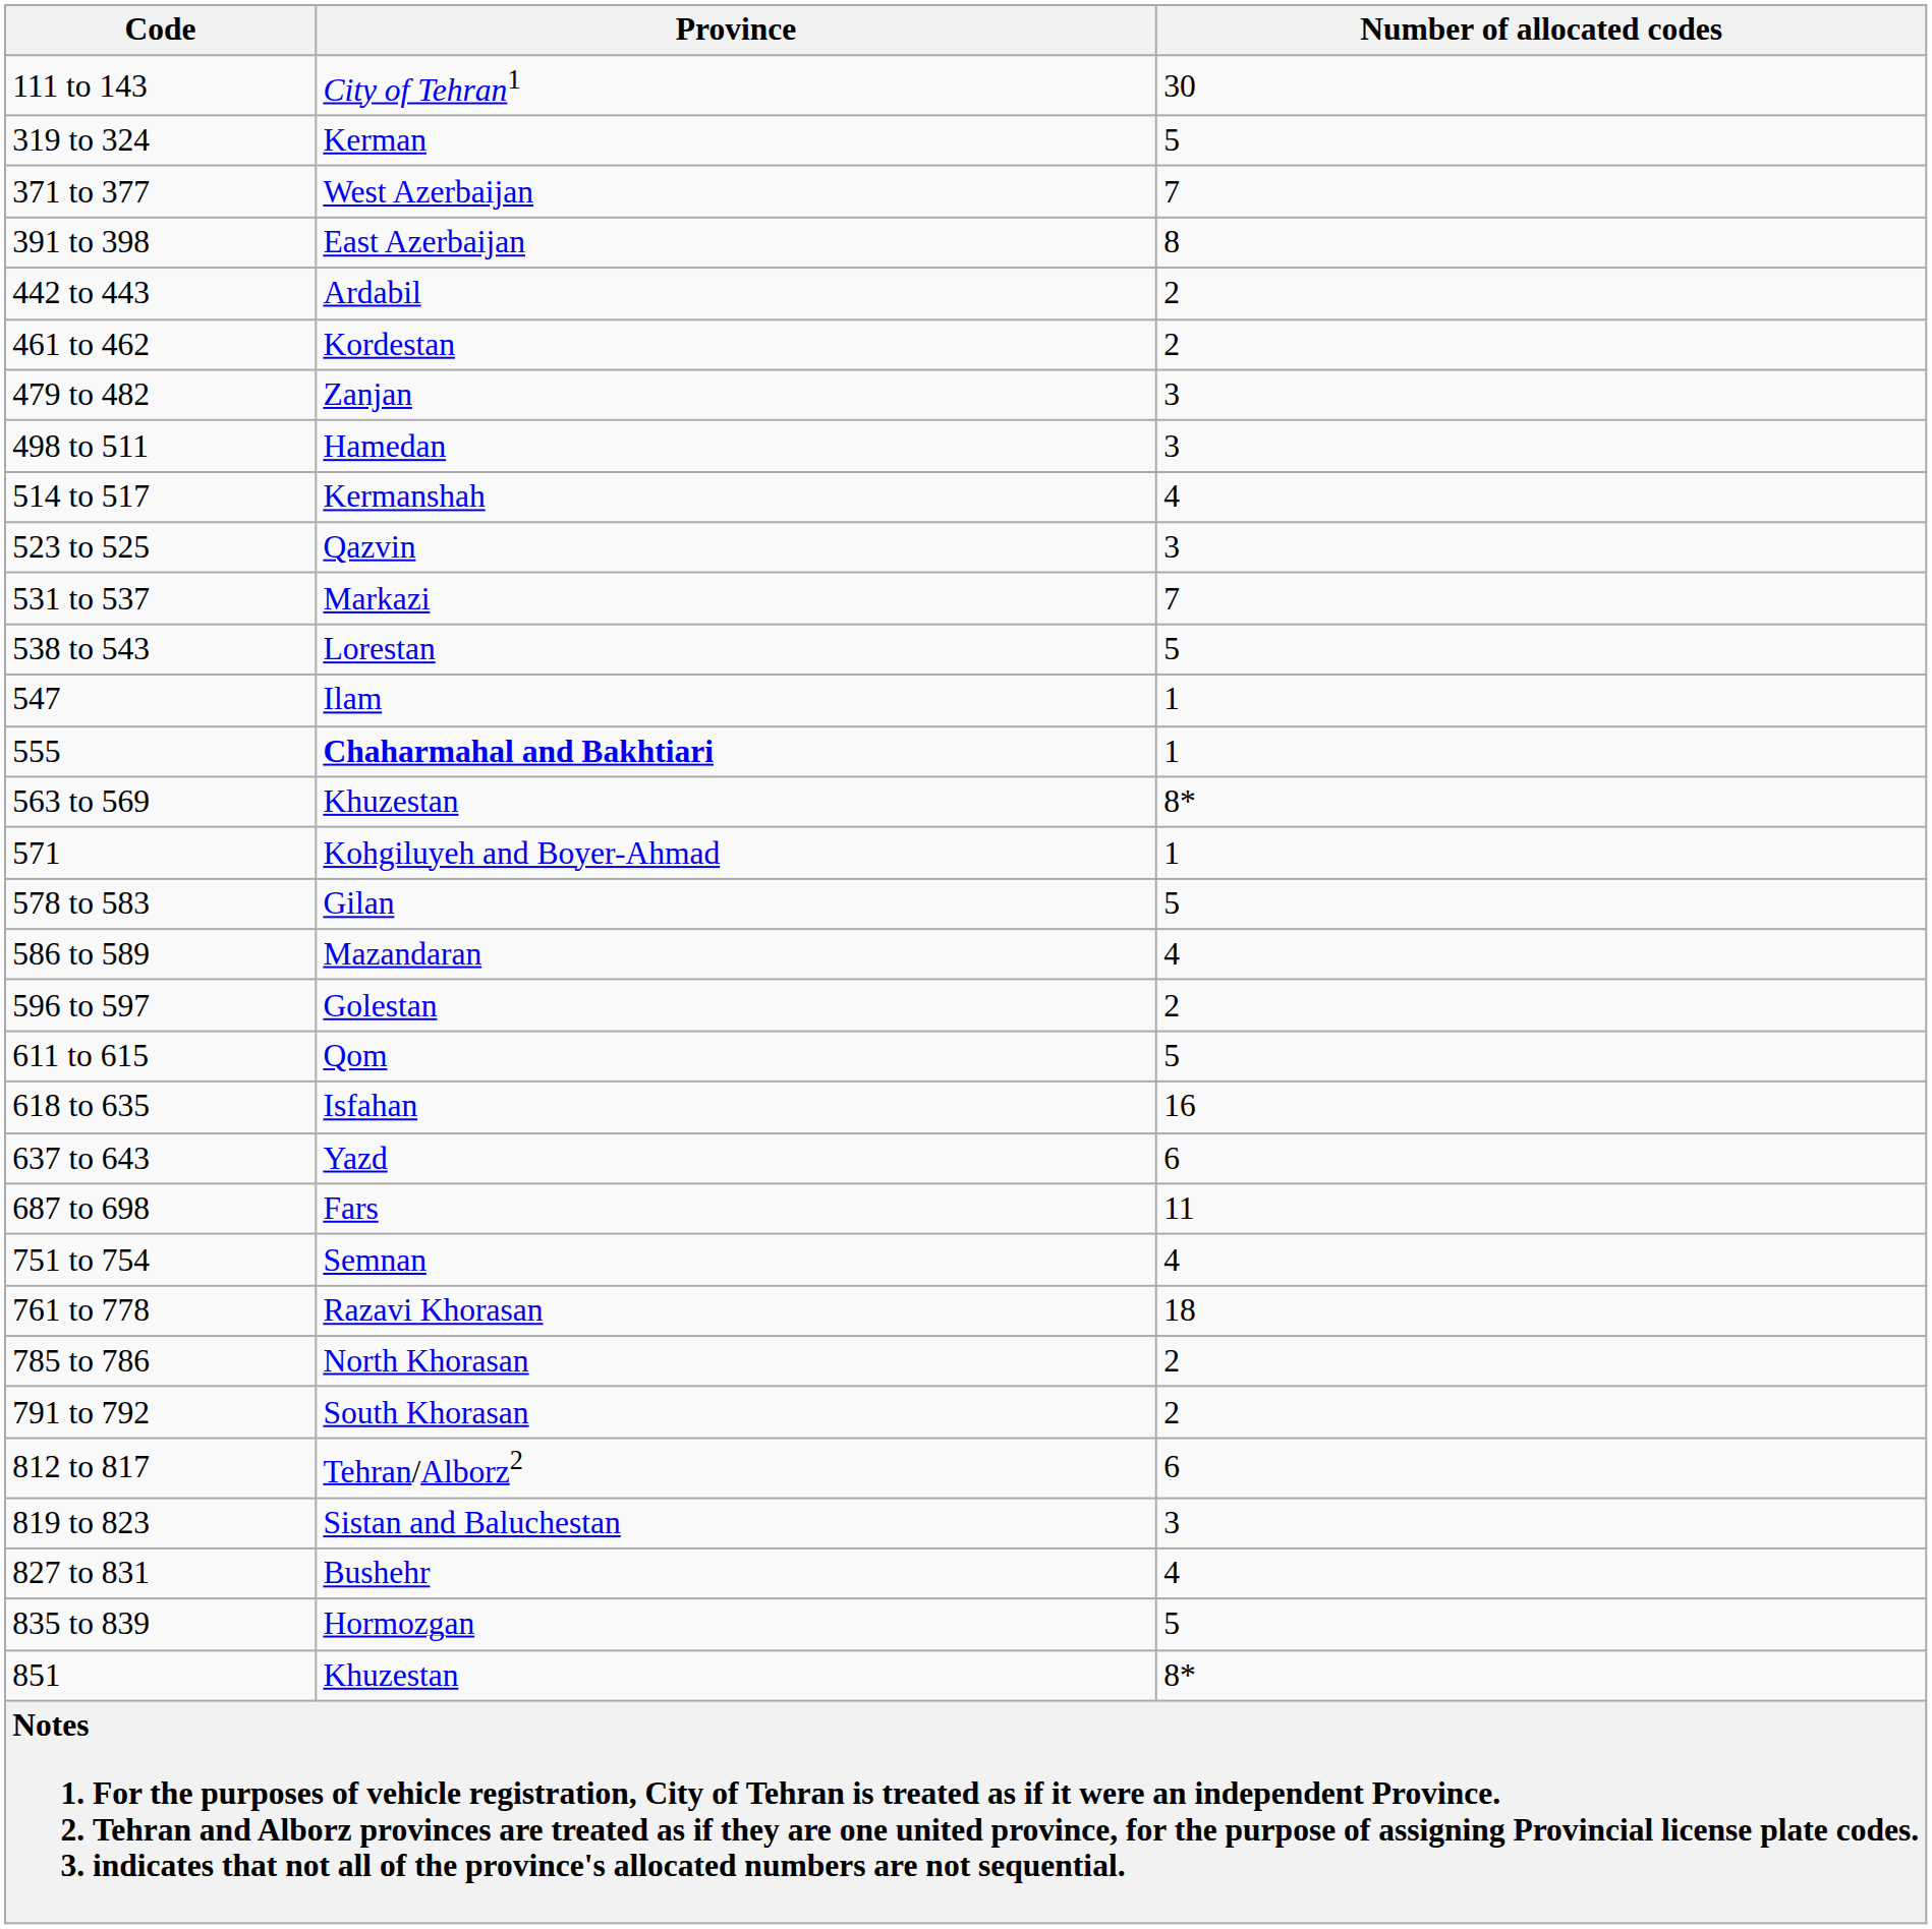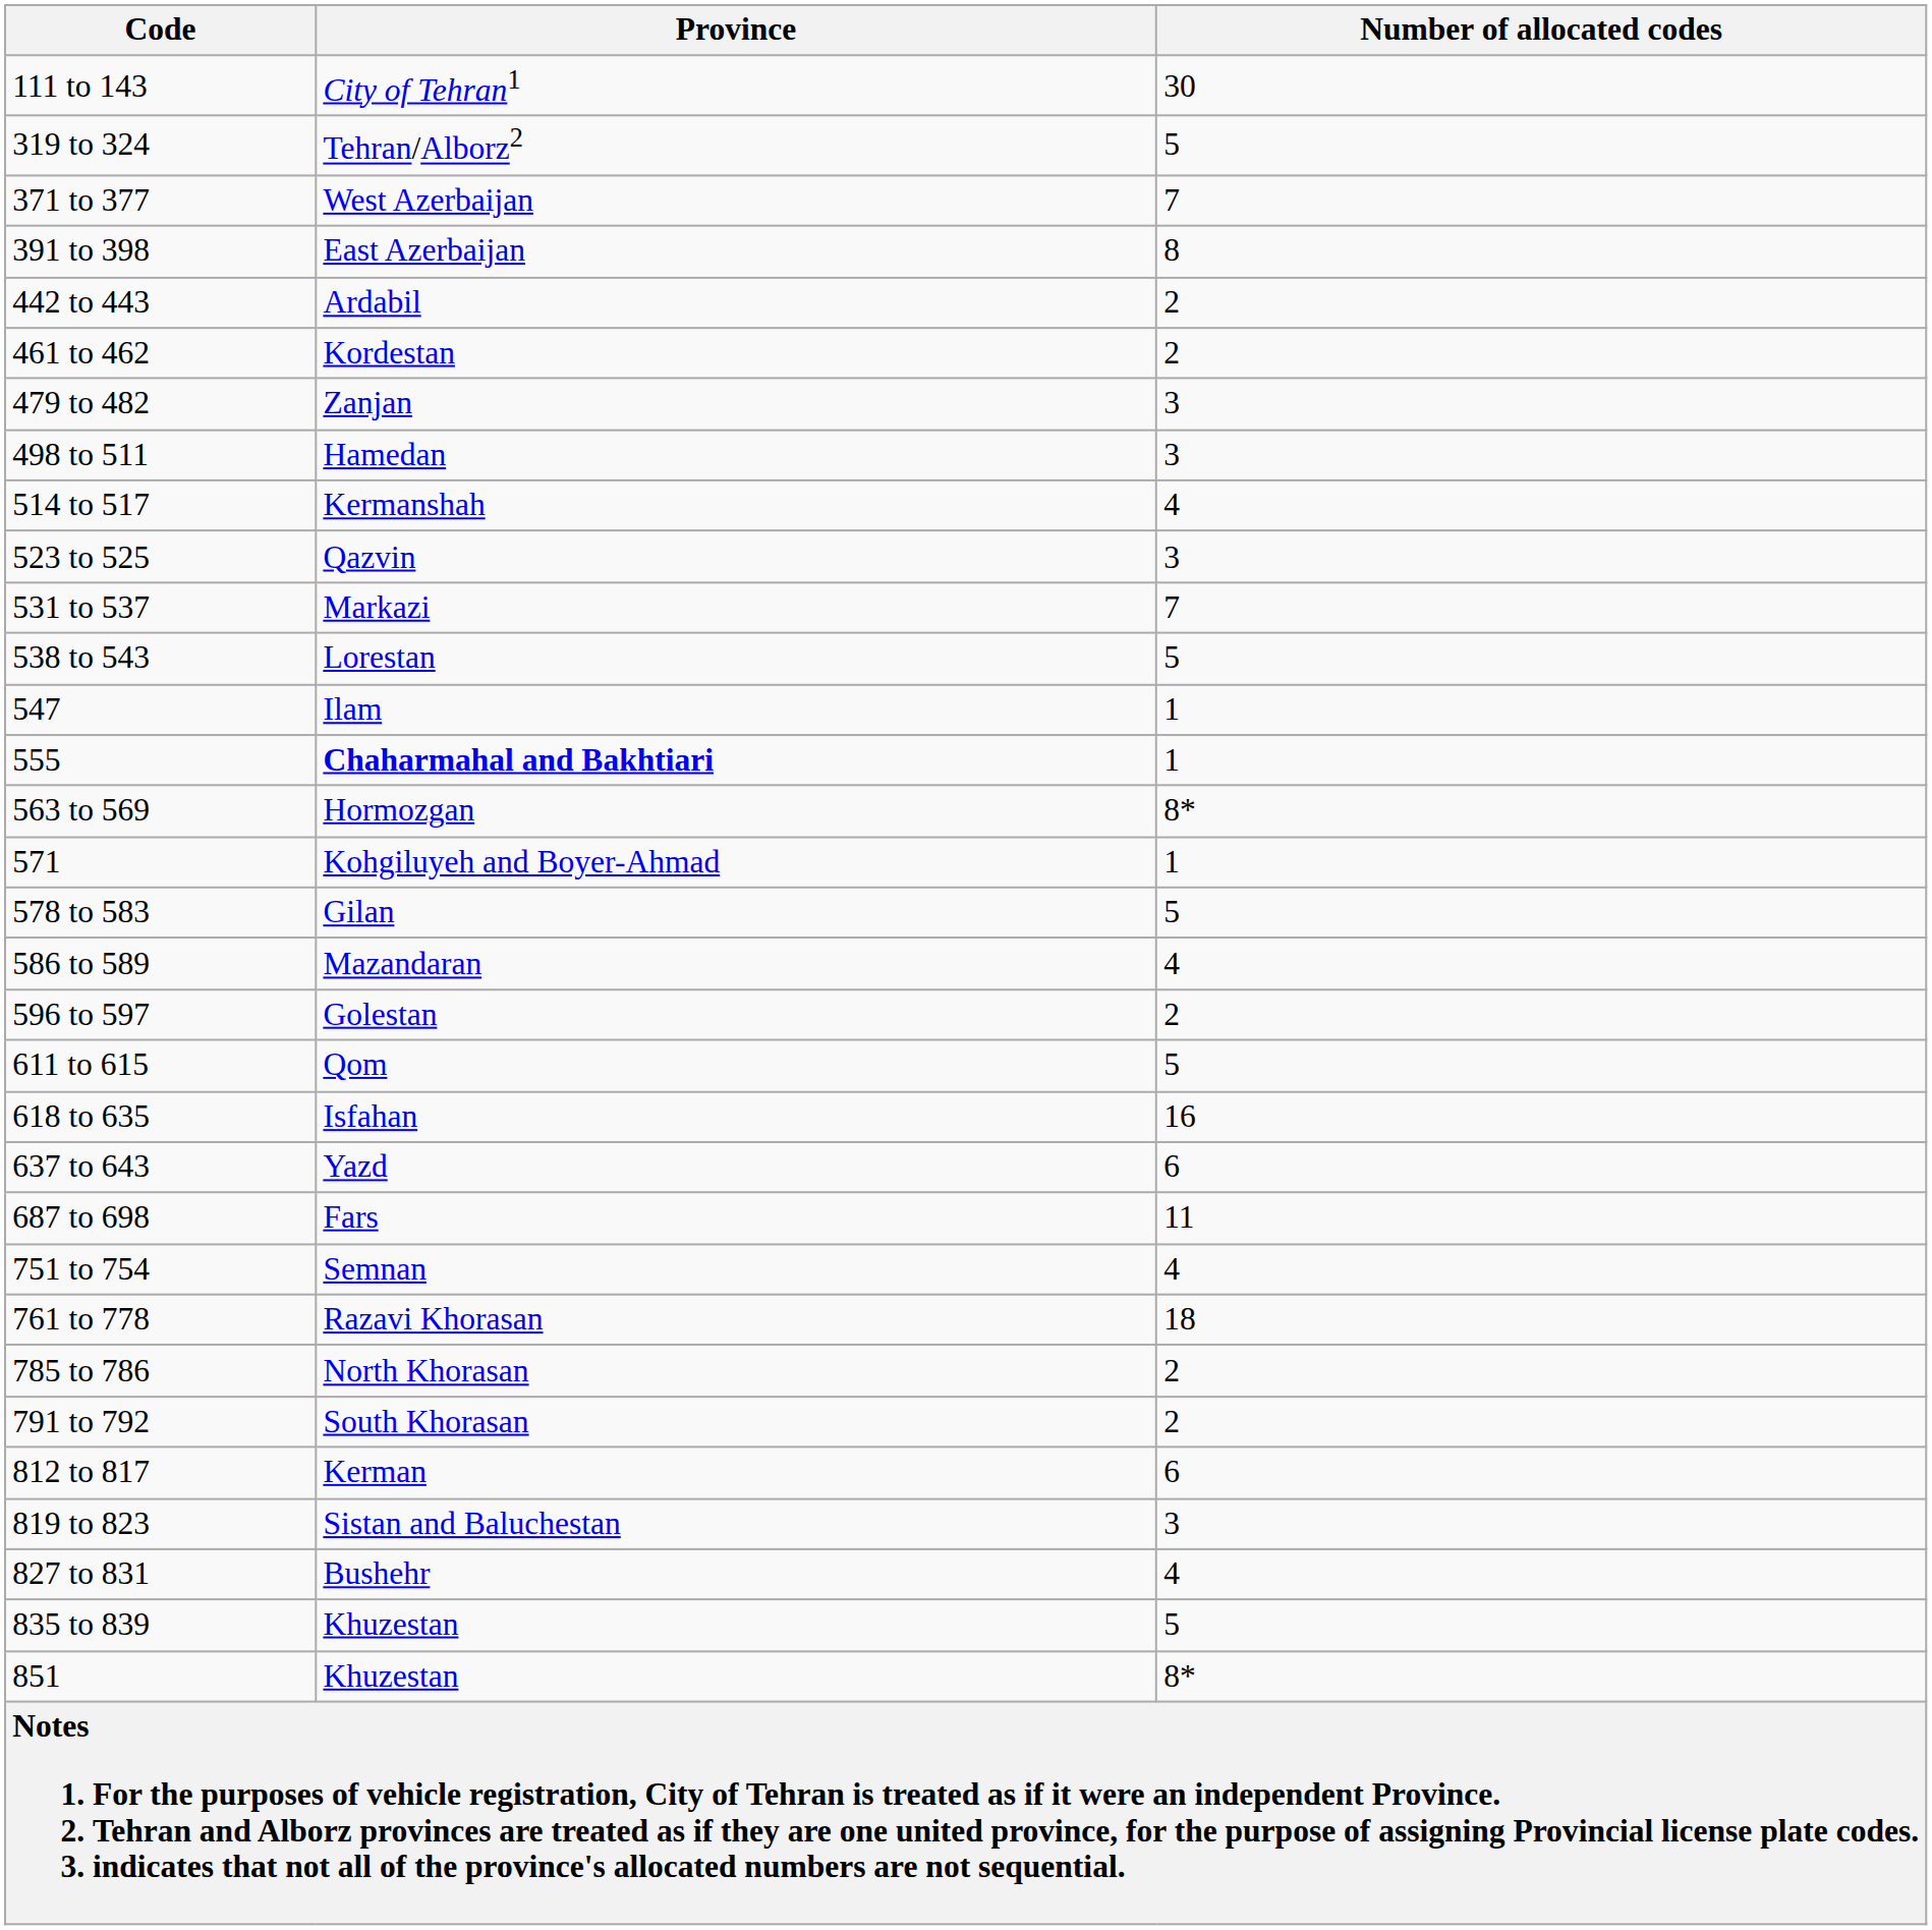 <table class="wikitable sortable">
 <tr>
 <th>Code</th>
 <th>Province</th>
 <th>Number of allocated codes</th>
 </tr>
 <tr>
 <td>111 to 143</td>
 <td><em><a href='#'>City of Tehran</a></em><sup>1</sup></td>
 <td>30</td>
 </tr>
 <tr>
 <td>319 to 324</td>
-<td><a href='#'>Kerman</a></td>
+<td><a href='#'>Tehran</a>/<a href='#'>Alborz</a><sup>2</sup></td>
 <td>5</td>
 </tr>
 <tr>
 <td>371 to 377</td>
 <td><a href='#'>West Azerbaijan</a></td>
 <td>7</td>
 </tr>
 <tr>
 <td>391 to 398</td>
 <td><a href='#'>East Azerbaijan</a></td>
 <td>8</td>
 </tr>
 <tr>
 <td>442 to 443</td>
 <td><a href='#'>Ardabil</a></td>
 <td>2</td>
 </tr>
 <tr>
 <td>461 to 462</td>
 <td><a href='#'>Kordestan</a></td>
 <td>2</td>
 </tr>
 <tr>
 <td>479 to 482</td>
 <td><a href='#'>Zanjan</a></td>
 <td>3</td>
 </tr>
 <tr>
 <td>498 to 511</td>
 <td><a href='#'>Hamedan</a></td>
 <td>3</td>
 </tr>
 <tr>
 <td>514 to 517</td>
 <td><a href='#'>Kermanshah</a></td>
 <td>4</td>
 </tr>
 <tr>
 <td>523 to 525</td>
 <td><a href='#'>Qazvin</a></td>
 <td>3</td>
 </tr>
 <tr>
 <td>531 to 537</td>
 <td><a href='#'>Markazi</a></td>
 <td>7</td>
 </tr>
 <tr>
 <td>538 to 543</td>
 <td><a href='#'>Lorestan</a></td>
 <td>5</td>
 </tr>
 <tr>
 <td>547</td>
 <td><a href='#'>Ilam</a></td>
 <td>1</td>
 </tr>
 <tr>
 <td>555</td>
 <td><strong><a href='#'>Chaharmahal and Bakhtiari</a></strong></td>
 <td>1</td>
 </tr>
 <tr>
 <td>563 to 569</td>
-<td><a href='#'>Khuzestan</a></td>
+<td><a href='#'>Hormozgan</a></td>
 <td>8*</td>
 </tr>
 <tr>
 <td>571</td>
 <td><a href='#'>Kohgiluyeh and Boyer-Ahmad</a></td>
 <td>1</td>
 </tr>
 <tr>
 <td>578 to 583</td>
 <td><a href='#'>Gilan</a></td>
 <td>5</td>
 </tr>
 <tr>
 <td>586 to 589</td>
 <td><a href='#'>Mazandaran</a></td>
 <td>4</td>
 </tr>
 <tr>
 <td>596 to 597</td>
 <td><a href='#'>Golestan</a></td>
 <td>2</td>
 </tr>
 <tr>
 <td>611 to 615</td>
 <td><a href='#'>Qom</a></td>
 <td>5</td>
 </tr>
 <tr>
 <td>618 to 635</td>
 <td><a href='#'>Isfahan</a></td>
 <td>16</td>
 </tr>
 <tr>
 <td>637 to 643</td>
 <td><a href='#'>Yazd</a></td>
 <td>6</td>
 </tr>
 <tr>
 <td>687 to 698</td>
 <td><a href='#'>Fars</a></td>
 <td>11</td>
 </tr>
 <tr>
 <td>751 to 754</td>
 <td><a href='#'>Semnan</a></td>
 <td>4</td>
 </tr>
 <tr>
 <td>761 to 778</td>
 <td><a href='#'>Razavi Khorasan</a></td>
 <td>18</td>
 </tr>
 <tr>
 <td>785 to 786</td>
 <td><a href='#'>North Khorasan</a></td>
 <td>2</td>
 </tr>
 <tr>
 <td>791 to 792</td>
 <td><a href='#'>South Khorasan</a></td>
 <td>2</td>
 </tr>
 <tr>
 <td>812 to 817</td>
-<td><a href='#'>Tehran</a>/<a href='#'>Alborz</a><sup>2</sup></td>
+<td><a href='#'>Kerman</a></td>
 <td>6</td>
 </tr>
 <tr>
 <td>819 to 823</td>
 <td><a href='#'>Sistan and Baluchestan</a></td>
 <td>3</td>
 </tr>
 <tr>
 <td>827 to 831</td>
 <td><a href='#'>Bushehr</a></td>
 <td>4</td>
 </tr>
 <tr>
 <td>835 to 839</td>
-<td><a href='#'>Hormozgan</a></td>
+<td><a href='#'>Khuzestan</a></td>
 <td>5</td>
 </tr>
 <tr>
 <td>851</td>
 <td><a href='#'>Khuzestan</a></td>
 <td>8*</td>
 </tr>
 <tr>
 <th colspan="3" style=text-align:left>Notes<br><ol><li>For the purposes of vehicle registration, City of Tehran is treated as if it were an independent Province.</li><li>Tehran and Alborz provinces are treated as if they are one united province, for the purpose of assigning Provincial license plate codes.</li><li> indicates that not all of the province's allocated numbers are not sequential.</li></ol></th>
 </tr>
 </table>
